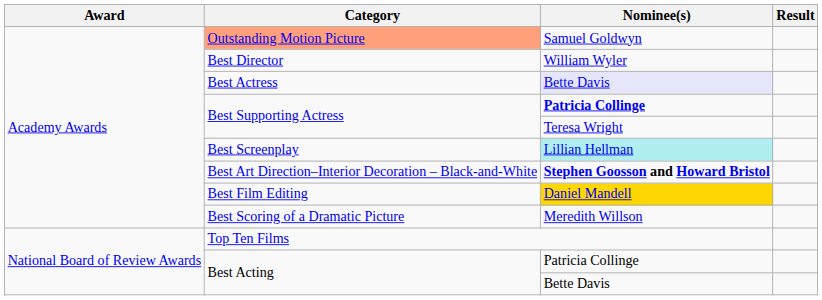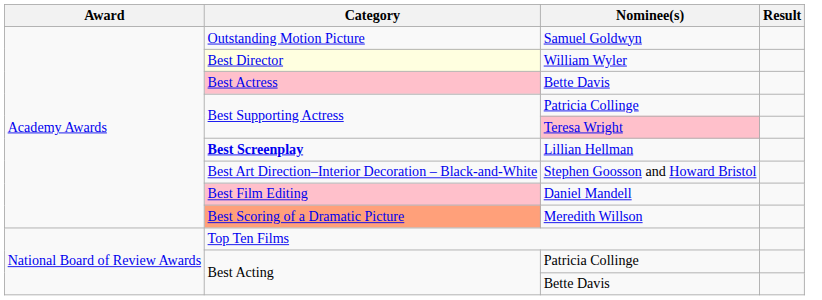 <table class="wikitable plainrowheaders">
 <tr>
 <th>Award</th>
 <th>Category</th>
 <th>Nominee(s)</th>
 <th>Result</th>
 </tr>
 <tr>
 <td rowspan="9"><a href='#'>Academy Awards</a></td>
-<td style="background: lightsalmon;"><a href='#'>Outstanding Motion Picture</a></td>
+<td><a href='#'>Outstanding Motion Picture</a></td>
 <td><a href='#'>Samuel Goldwyn</a></td>
 <td></td>
 </tr>
 <tr>
-<td><a href='#'>Best Director</a></td>
+<td style="background: lightyellow;"><a href='#'>Best Director</a></td>
 <td><a href='#'>William Wyler</a></td>
 <td></td>
 </tr>
 <tr>
-<td><a href='#'>Best Actress</a></td>
-<td style="background: lavender;"><a href='#'>Bette Davis</a></td>
+<td style="background: pink;"><a href='#'>Best Actress</a></td>
+<td><a href='#'>Bette Davis</a></td>
 <td></td>
 </tr>
 <tr>
 <td rowspan="2"><a href='#'>Best Supporting Actress</a></td>
-<td><strong><a href='#'>Patricia Collinge</a></strong></td>
+<td><a href='#'>Patricia Collinge</a></td>
 <td></td>
 </tr>
 <tr>
-<td><a href='#'>Teresa Wright</a></td>
+<td style="background: pink;"><a href='#'>Teresa Wright</a></td>
 <td></td>
 </tr>
 <tr>
-<td><a href='#'>Best Screenplay</a></td>
-<td style="background: paleturquoise;"><a href='#'>Lillian Hellman</a></td>
+<td><strong><a href='#'>Best Screenplay</a></strong></td>
+<td><a href='#'>Lillian Hellman</a></td>
 <td></td>
 </tr>
 <tr>
 <td><a href='#'>Best Art Direction–Interior Decoration – Black-and-White</a></td>
-<td><strong><a href='#'>Stephen Goosson</a> and <a href='#'>Howard Bristol</a></strong></td>
+<td><a href='#'>Stephen Goosson</a> and <a href='#'>Howard Bristol</a></td>
 <td></td>
 </tr>
 <tr>
-<td><a href='#'>Best Film Editing</a></td>
-<td style="background: gold;"><a href='#'>Daniel Mandell</a></td>
+<td style="background: pink;"><a href='#'>Best Film Editing</a></td>
+<td><a href='#'>Daniel Mandell</a></td>
 <td></td>
 </tr>
 <tr>
-<td><a href='#'>Best Scoring of a Dramatic Picture</a></td>
+<td style="background: lightsalmon;"><a href='#'>Best Scoring of a Dramatic Picture</a></td>
 <td><a href='#'>Meredith Willson</a></td>
 <td></td>
 </tr>
 <tr>
 <td rowspan="3"><a href='#'>National Board of Review Awards</a></td>
 <td colspan="2"><a href='#'>Top Ten Films</a></td>
 <td></td>
 </tr>
 <tr>
 <td rowspan="2">Best Acting</td>
 <td>Patricia Collinge</td>
 <td></td>
 </tr>
 <tr>
 <td>Bette Davis</td>
 <td></td>
 </tr>
 </table>
